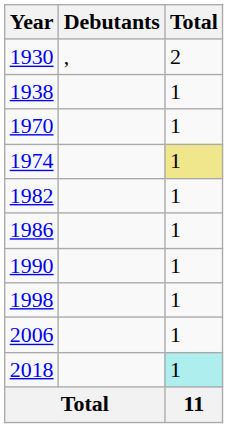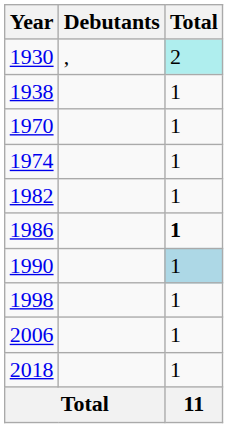 <table class="wikitable" sortable" style="text-align:">
 <tr>
 <th>Year</th>
 <th>Debutants</th>
 <th>Total</th>
 </tr>
 <tr>
 <td><a href='#'>1930</a></td>
 <td>, </td>
-<td>2</td>
+<td style="background: paleturquoise;">2</td>
 </tr>
 <tr>
 <td><a href='#'>1938</a></td>
 <td></td>
 <td>1</td>
 </tr>
 <tr>
 <td><a href='#'>1970</a></td>
 <td></td>
 <td>1</td>
 </tr>
 <tr>
 <td><a href='#'>1974</a></td>
 <td></td>
-<td style="background: khaki;">1</td>
+<td>1</td>
 </tr>
 <tr>
 <td><a href='#'>1982</a></td>
 <td></td>
 <td>1</td>
 </tr>
 <tr>
 <td><a href='#'>1986</a></td>
 <td></td>
-<td>1</td>
+<td><strong>1</strong></td>
 </tr>
 <tr>
 <td><a href='#'>1990</a></td>
 <td></td>
-<td>1</td>
+<td style="background: lightblue;">1</td>
 </tr>
 <tr>
 <td><a href='#'>1998</a></td>
 <td></td>
 <td>1</td>
 </tr>
 <tr>
 <td><a href='#'>2006</a></td>
 <td></td>
 <td>1</td>
 </tr>
 <tr>
 <td><a href='#'>2018</a></td>
 <td></td>
-<td style="background: paleturquoise;">1</td>
+<td>1</td>
 </tr>
 <tr>
 <th colspan=2>Total</th>
 <th>11</th>
 </tr>
 </table>
